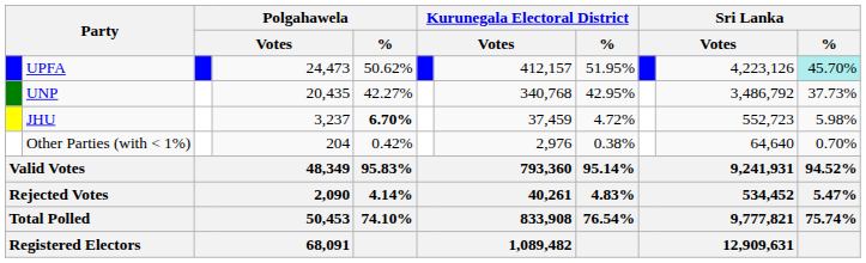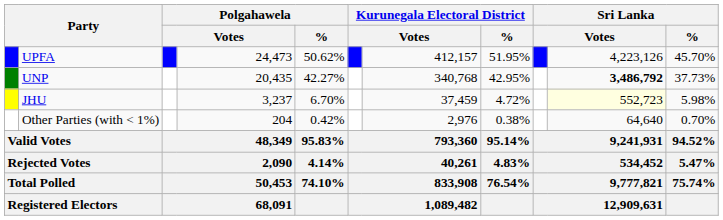 <table class="wikitable">
 <tr>
 <th colspan="2" width="144px"rowspan="2">Party</th>
 <th colspan="3" width="216px">Polgahawela</th>
 <th colspan="3" width="216px"><a href='#'>Kurunegala Electoral District</a></th>
 <th colspan="3" width="216px">Sri Lanka</th>
 </tr>
 <tr>
 <th colspan="2" width="144px">Votes</th>
 <th>%</th>
 <th colspan="2" width="144px">Votes</th>
 <th>%</th>
 <th colspan="2" width="144px">Votes</th>
 <th>%</th>
 </tr>
 <tr>
 <td style="background-color:blue;" width="10px"></td>
 <td style="text-align:left;"><a href='#'>UPFA</a></td>
 <td style="background-color:blue;" width="10px"></td>
 <td style="text-align:right;">24,473</td>
 <td style="text-align:right;">50.62%</td>
 <td style="background-color:blue;" width="10px"></td>
 <td style="text-align:right;">412,157</td>
 <td style="text-align:right;">51.95%</td>
 <td style="background-color:blue;" width="10px"></td>
 <td style="text-align:right;">4,223,126</td>
-<td style="background: paleturquoise; text-align:right;">45.70%</td>
+<td style="text-align:right;">45.70%</td>
 </tr>
 <tr>
 <td style="background-color:green;" width="10px"></td>
 <td style="text-align:left;"><a href='#'>UNP</a></td>
 <td style="background-color:white;" width="10px"></td>
 <td style="text-align:right;">20,435</td>
 <td style="text-align:right;">42.27%</td>
 <td style="background-color:white;" width="10px"></td>
 <td style="text-align:right;">340,768</td>
 <td style="text-align:right;">42.95%</td>
 <td style="background-color:white;" width="10px"></td>
-<td style="text-align:right;">3,486,792</td>
+<td style="text-align:right;"><strong>3,486,792</strong></td>
 <td style="text-align:right;">37.73%</td>
 </tr>
 <tr>
 <td style="background-color:yellow;" width="10px"></td>
 <td style="text-align:left;"><a href='#'>JHU</a></td>
 <td style="background-color:white;" width="10px"></td>
 <td style="text-align:right;">3,237</td>
-<td style="text-align:right;"><strong>6.70%</strong></td>
+<td style="text-align:right;">6.70%</td>
 <td style="background-color:white;" width="10px"></td>
 <td style="text-align:right;">37,459</td>
 <td style="text-align:right;">4.72%</td>
 <td style="background-color:white;" width="10px"></td>
-<td style="text-align:right;">552,723</td>
+<td style="background: lightyellow; text-align:right;">552,723</td>
 <td style="text-align:right;">5.98%</td>
 </tr>
 <tr>
 <td style="background-color:white;" width="10px"></td>
 <td style="text-align:left;">Other Parties (with < 1%)</td>
 <td style="background-color:white;" width="10px"></td>
 <td style="text-align:right;">204</td>
 <td style="text-align:right;">0.42%</td>
 <td style="background-color:white;" width="10px"></td>
 <td style="text-align:right;">2,976</td>
 <td style="text-align:right;">0.38%</td>
 <td style="background-color:white;" width="10px"></td>
 <td style="text-align:right;">64,640</td>
 <td style="text-align:right;">0.70%</td>
 </tr>
 <tr>
 <th colspan="2" width="144px"style="text-align:left;">Valid Votes</th>
 <th style="text-align:right;"colspan="2" width="144px">48,349</th>
 <th style="text-align:right;">95.83%</th>
 <th style="text-align:right;"colspan="2" width="144px">793,360</th>
 <th style="text-align:right;">95.14%</th>
 <th style="text-align:right;"colspan="2" width="144px">9,241,931</th>
 <th style="text-align:right;">94.52%</th>
 </tr>
 <tr>
 <th colspan="2" width="144px"style="text-align:left;">Rejected Votes</th>
 <th style="text-align:right;"colspan="2" width="144px">2,090</th>
 <th style="text-align:right;">4.14%</th>
 <th style="text-align:right;"colspan="2" width="144px">40,261</th>
 <th style="text-align:right;">4.83%</th>
 <th style="text-align:right;"colspan="2" width="144px">534,452</th>
 <th style="text-align:right;">5.47%</th>
 </tr>
 <tr>
 <th colspan="2" width="144px"style="text-align:left;">Total Polled</th>
 <th style="text-align:right;"colspan="2" width="144px">50,453</th>
 <th style="text-align:right;">74.10%</th>
 <th style="text-align:right;"colspan="2" width="144px">833,908</th>
 <th style="text-align:right;">76.54%</th>
 <th style="text-align:right;"colspan="2" width="144px">9,777,821</th>
 <th style="text-align:right;">75.74%</th>
 </tr>
 <tr>
 <th colspan="2" width="144px"style="text-align:left;">Registered Electors</th>
 <th style="text-align:right;"colspan="2" width="144px">68,091</th>
 <th></th>
 <th style="text-align:right;"colspan="2" width="144px">1,089,482</th>
 <th></th>
 <th style="text-align:right;"colspan="2" width="144px">12,909,631</th>
 <th></th>
 </tr>
 </table>
